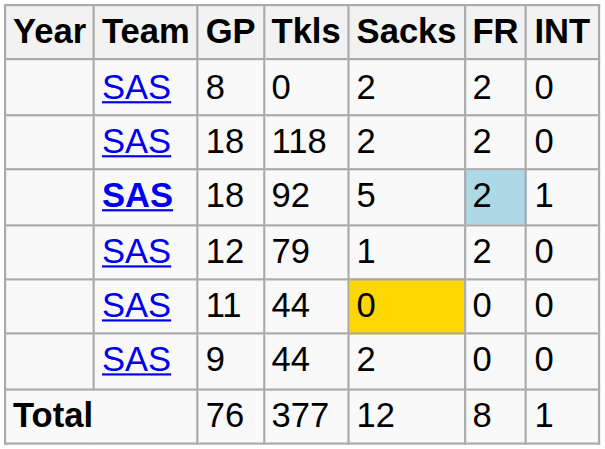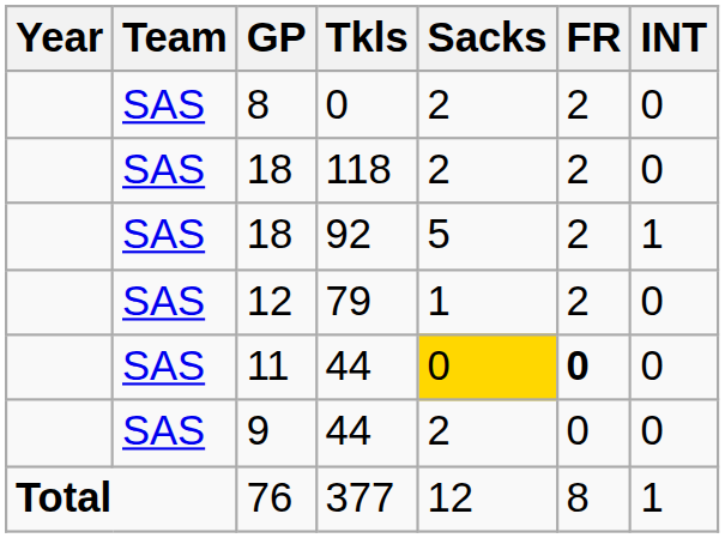 <table class="wikitable">
 <tr>
 <th>Year</th>
 <th>Team</th>
 <th>GP</th>
 <th>Tkls</th>
 <th>Sacks</th>
 <th>FR</th>
 <th>INT</th>
 </tr>
 <tr>
 <td></td>
 <td><a href='#'>SAS</a></td>
 <td>8</td>
 <td>0</td>
 <td>2</td>
 <td>2</td>
 <td>0</td>
 </tr>
 <tr>
 <td></td>
 <td><a href='#'>SAS</a></td>
 <td>18</td>
 <td>118</td>
 <td>2</td>
 <td>2</td>
 <td>0</td>
 </tr>
 <tr>
 <td></td>
-<td><strong><a href='#'>SAS</a></strong></td>
+<td><a href='#'>SAS</a></td>
 <td>18</td>
 <td>92</td>
 <td>5</td>
-<td style="background: lightblue;">2</td>
+<td>2</td>
 <td>1</td>
 </tr>
 <tr>
 <td></td>
 <td><a href='#'>SAS</a></td>
 <td>12</td>
 <td>79</td>
 <td>1</td>
 <td>2</td>
 <td>0</td>
 </tr>
 <tr>
 <td></td>
 <td><a href='#'>SAS</a></td>
 <td>11</td>
 <td>44</td>
 <td style="background: gold;">0</td>
-<td>0</td>
+<td><strong>0</strong></td>
 <td>0</td>
 </tr>
 <tr>
 <td></td>
 <td><a href='#'>SAS</a></td>
 <td>9</td>
 <td>44</td>
 <td>2</td>
 <td>0</td>
 <td>0</td>
 </tr>
 <tr>
 <td colspan=2><strong>Total</strong></td>
 <td>76</td>
 <td>377</td>
 <td>12</td>
 <td>8</td>
 <td>1</td>
 </tr>
 </table>
